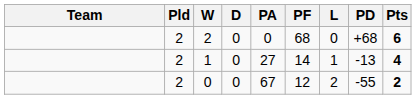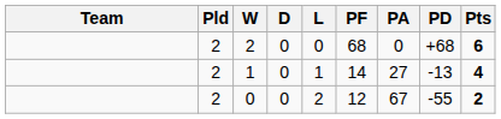 <table class="wikitable" style="text-align:center;">
 <tr>
 <th width=175>Team</th>
 <th width=25 abbr="Played">Pld</th>
 <th width=25 abbr="Won">W</th>
 <th width=25 abbr="Drawn">D</th>
+<th width=25 abbr="Lost">L</th>
+<th width=32 abbr="Points for">PF</th>
 <th width=32 abbr="Points against">PA</th>
-<th width=32 abbr="Points for">PF</th>
-<th width=25 abbr="Lost">L</th>
 <th width=32 abbr="Points difference">PD</th>
 <th width=25 abbr="Points">Pts</th>
 </tr>
 <tr>
 <td align=left></td>
 <td>2</td>
 <td>2</td>
 <td>0</td>
 <td>0</td>
 <td>68</td>
 <td>0</td>
 <td>+68</td>
 <td><strong>6</strong></td>
 </tr>
 <tr>
 <td align=left></td>
 <td>2</td>
 <td>1</td>
 <td>0</td>
+<td>1</td>
+<td>14</td>
 <td>27</td>
-<td>14</td>
-<td>1</td>
 <td>-13</td>
 <td><strong>4</strong></td>
 </tr>
 <tr>
 <td align=left></td>
 <td>2</td>
 <td>0</td>
 <td>0</td>
+<td>2</td>
+<td>12</td>
 <td>67</td>
-<td>12</td>
-<td>2</td>
 <td>-55</td>
 <td><strong>2</strong></td>
 </tr>
 </table>
